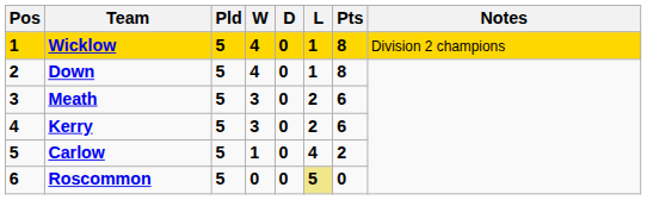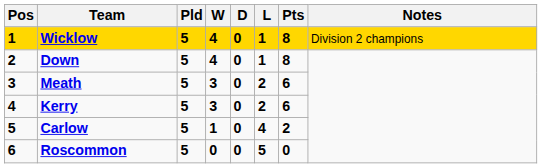 <table class="wikitable" style="text-align: centre;">
 <tr>
 <th width=20>Pos</th>
 <th width=150>Team</th>
 <th width=20>Pld</th>
 <th width=20>W</th>
 <th width=20>D</th>
 <th width=20>L</th>
 <th width=20>Pts</th>
 <th width=250>Notes</th>
 </tr>
 <tr style="background:gold;">
 <td><strong>1</strong></td>
 <td align=left><strong> <a href='#'>Wicklow</a> </strong></td>
 <td><strong>5</strong></td>
 <td><strong>4</strong></td>
 <td><strong>0</strong></td>
 <td><strong>1</strong></td>
 <td><strong>8</strong></td>
 <td><small> Division 2 champions</small></td>
 </tr>
 <tr style>
 <td><strong>2</strong></td>
 <td align=left><strong> <a href='#'>Down</a> </strong></td>
 <td><strong>5</strong></td>
 <td><strong>4</strong></td>
 <td><strong>0</strong></td>
 <td><strong>1</strong></td>
 <td><strong>8</strong></td>
 </tr>
 <tr style>
 <td><strong>3</strong></td>
 <td align=left><strong> <a href='#'>Meath</a> </strong></td>
 <td><strong>5</strong></td>
 <td><strong>3</strong></td>
 <td><strong>0</strong></td>
 <td><strong>2</strong></td>
 <td><strong>6</strong></td>
 </tr>
 <tr style>
 <td><strong>4</strong></td>
 <td align=left><strong> <a href='#'>Kerry</a> </strong></td>
 <td><strong>5</strong></td>
 <td><strong>3</strong></td>
 <td><strong>0</strong></td>
 <td><strong>2</strong></td>
 <td><strong>6</strong></td>
 </tr>
 <tr style>
 <td><strong>5</strong></td>
 <td align=left><strong> <a href='#'>Carlow</a> </strong></td>
 <td><strong>5</strong></td>
 <td><strong>1</strong></td>
 <td><strong>0</strong></td>
 <td><strong>4</strong></td>
 <td><strong>2</strong></td>
 </tr>
 <tr style>
 <td><strong>6</strong></td>
 <td align=left><strong> <a href='#'>Roscommon</a> </strong></td>
 <td><strong>5</strong></td>
 <td><strong>0</strong></td>
 <td><strong>0</strong></td>
-<td style="background: khaki;"><strong>5</strong></td>
+<td><strong>5</strong></td>
 <td><strong>0</strong></td>
 </tr>
 </table>
